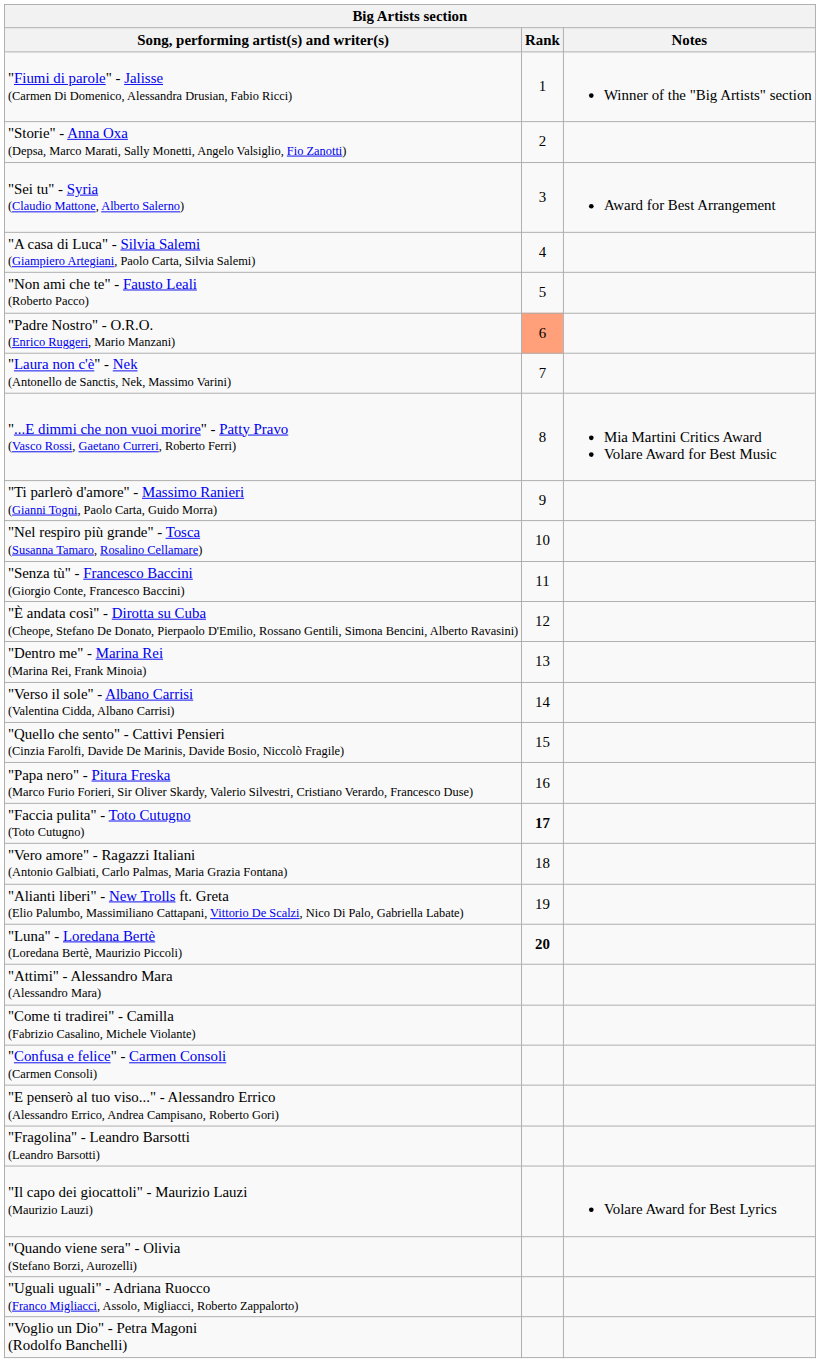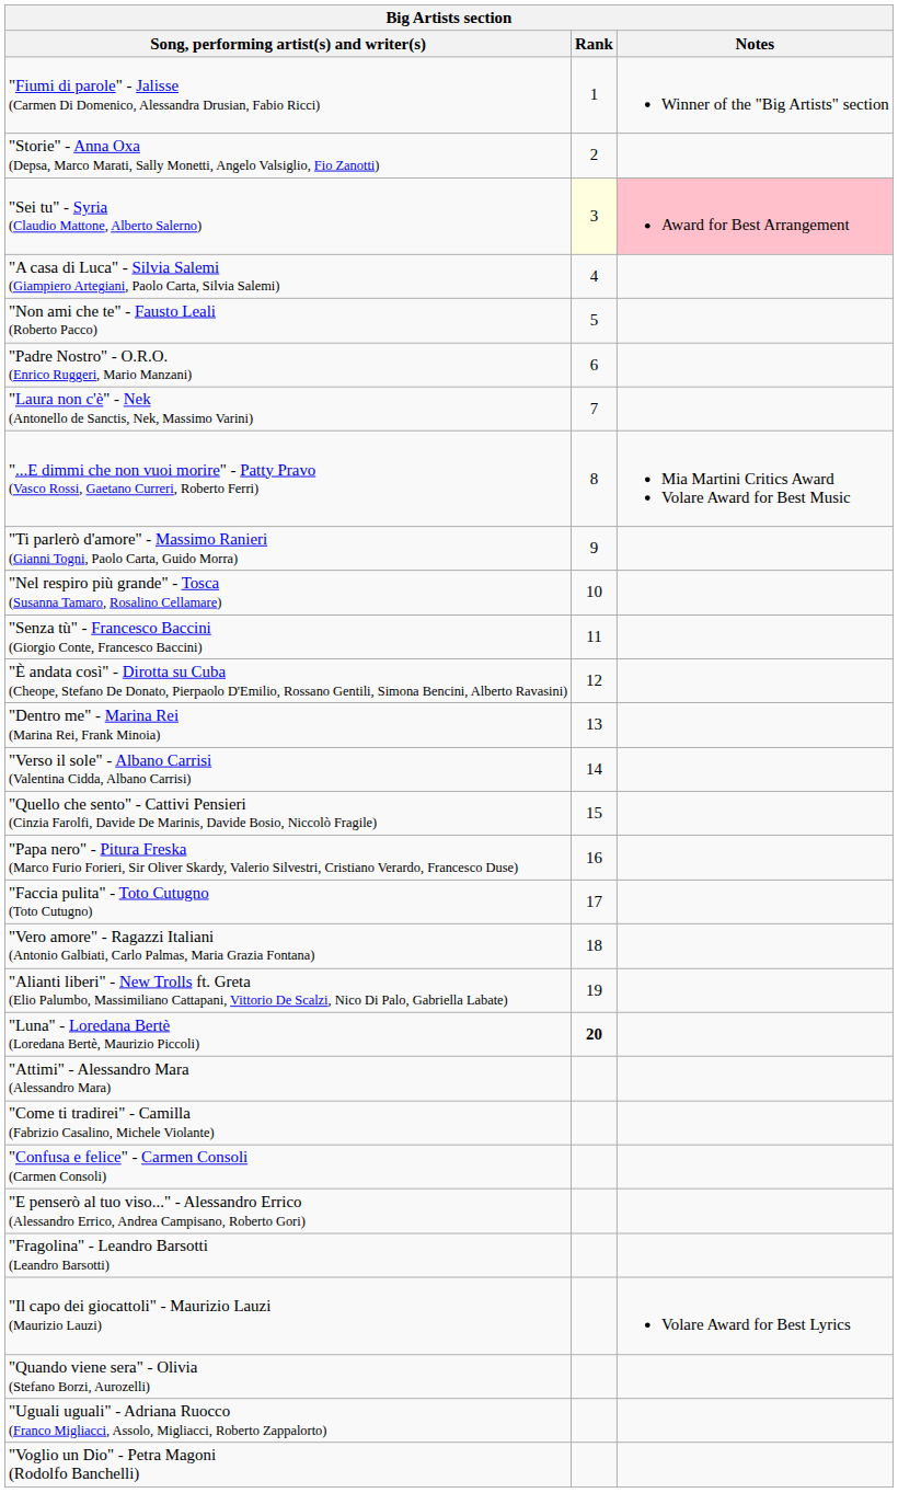 <table class="plainrowheaders wikitable">
 <tr>
 <th colspan="3">Big Artists section</th>
 </tr>
 <tr>
 <th>Song, performing artist(s) and writer(s)</th>
 <th>Rank</th>
 <th>Notes</th>
 </tr>
 <tr>
 <td>"<a href='#'>Fiumi di parole</a>" - <a href='#'>Jalisse</a><br><small>(Carmen Di Domenico, Alessandra Drusian, Fabio Ricci)</small></td>
 <td style="text-align:center;">1</td>
 <td><br><ul><li>Winner of the "Big Artists" section</li></ul></td>
 </tr>
 <tr>
 <td>"Storie" -  <a href='#'>Anna Oxa</a><br><small>(Depsa, Marco Marati, Sally Monetti, Angelo Valsiglio, <a href='#'>Fio Zanotti</a>)</small></td>
 <td style="text-align:center;">2</td>
 <td></td>
 </tr>
 <tr>
 <td>"Sei tu" -  <a href='#'>Syria</a><br><small>(<a href='#'>Claudio Mattone</a>, <a href='#'>Alberto Salerno</a>)</small></td>
-<td style="text-align:center;">3</td>
-<td><br><ul><li>Award for Best Arrangement</li></ul></td>
+<td style="background: lightyellow; text-align:center;">3</td>
+<td style="background: pink;"><br><ul><li>Award for Best Arrangement</li></ul></td>
 </tr>
 <tr>
 <td>"A casa di Luca" -  <a href='#'>Silvia Salemi</a><br> <small>(<a href='#'>Giampiero Artegiani</a>, Paolo Carta, Silvia Salemi)</small></td>
 <td style="text-align:center;">4</td>
 <td></td>
 </tr>
 <tr>
 <td>"Non ami che te" - <a href='#'>Fausto Leali</a><br> <small>(Roberto Pacco)</small></td>
 <td style="text-align:center;">5</td>
 <td></td>
 </tr>
 <tr>
 <td>"Padre Nostro" - O.R.O.<br><small>(<a href='#'>Enrico Ruggeri</a>, Mario Manzani)</small></td>
-<td style="background: lightsalmon; text-align:center;">6</td>
+<td style="text-align:center;">6</td>
 <td></td>
 </tr>
 <tr>
 <td>"<a href='#'>Laura non c'è</a>" -  <a href='#'>Nek</a><br> <small>(Antonello de Sanctis, Nek, Massimo Varini)</small></td>
 <td style="text-align:center;">7</td>
 <td></td>
 </tr>
 <tr>
 <td>"<a href='#'>...E dimmi che non vuoi morire</a>" - <a href='#'>Patty Pravo</a><br><small>(<a href='#'>Vasco Rossi</a>, <a href='#'>Gaetano Curreri</a>,  Roberto Ferri)</small></td>
 <td style="text-align:center;">8</td>
 <td><br><ul><li>Mia Martini Critics Award</li><li>Volare Award for Best Music</li></ul></td>
 </tr>
 <tr>
 <td>"Ti parlerò d'amore" - <a href='#'>Massimo Ranieri</a><br><small>(<a href='#'>Gianni Togni</a>, Paolo Carta, Guido Morra)</small></td>
 <td style="text-align:center;">9</td>
 <td></td>
 </tr>
 <tr>
 <td>"Nel respiro più grande" - <a href='#'>Tosca</a><br><small>(<a href='#'>Susanna Tamaro</a>, <a href='#'>Rosalino Cellamare</a>)</small></td>
 <td style="text-align:center;">10</td>
 <td></td>
 </tr>
 <tr>
 <td>"Senza tù" -  <a href='#'>Francesco Baccini</a><br> <small>(Giorgio Conte, Francesco Baccini)</small></td>
 <td style="text-align:center;">11</td>
 <td></td>
 </tr>
 <tr>
 <td>"È andata così" - <a href='#'>Dirotta su Cuba</a><br> <small>(Cheope, Stefano De Donato, Pierpaolo D'Emilio, Rossano Gentili, Simona Bencini, Alberto Ravasini)</small></td>
 <td style="text-align:center;">12</td>
 <td></td>
 </tr>
 <tr>
 <td>"Dentro me" - <a href='#'>Marina Rei</a><br><small>(Marina Rei, Frank Minoia)</small></td>
 <td style="text-align:center;">13</td>
 <td></td>
 </tr>
 <tr>
 <td>"Verso il sole" - <a href='#'>Albano Carrisi</a><br><small>(Valentina Cidda, Albano Carrisi)</small></td>
 <td style="text-align:center;">14</td>
 <td></td>
 </tr>
 <tr>
 <td>"Quello che sento" -  Cattivi Pensieri <br><small>(Cinzia Farolfi, Davide De Marinis, Davide Bosio, Niccolò Fragile)</small></td>
 <td style="text-align:center;">15</td>
 <td></td>
 </tr>
 <tr>
 <td>"Papa nero" -  <a href='#'>Pitura Freska</a><br><small>(Marco Furio Forieri, Sir Oliver Skardy, Valerio Silvestri, Cristiano Verardo, Francesco Duse)</small></td>
 <td style="text-align:center;">16</td>
 <td></td>
 </tr>
 <tr>
 <td>"Faccia pulita" - <a href='#'>Toto Cutugno</a><br> <small>(Toto Cutugno)</small></td>
-<td style="text-align:center;"><strong>17</strong></td>
+<td style="text-align:center;">17</td>
 <td></td>
 </tr>
 <tr>
 <td>"Vero amore" -  Ragazzi Italiani <br><small>(Antonio Galbiati, Carlo Palmas,  Maria Grazia Fontana)</small></td>
 <td style="text-align:center;">18</td>
 <td></td>
 </tr>
 <tr>
 <td>"Alianti liberi" - <a href='#'>New Trolls</a> ft. Greta<br><small>(Elio Palumbo, Massimiliano Cattapani, <a href='#'>Vittorio De Scalzi</a>, Nico Di Palo, Gabriella Labate)</small></td>
 <td style="text-align:center;">19</td>
 <td></td>
 </tr>
 <tr>
 <td>"Luna" - <a href='#'>Loredana Bertè</a><br><small>(Loredana Bertè, Maurizio Piccoli)</small></td>
 <td style="text-align:center;"><strong>20</strong></td>
 <td></td>
 </tr>
 <tr>
 <td>"Attimi" -  Alessandro Mara <br><small>(Alessandro Mara)</small></td>
 <td></td>
 <td></td>
 </tr>
 <tr>
 <td>"Come ti tradirei" -  Camilla <br><small>(Fabrizio Casalino, Michele Violante)</small></td>
 <td></td>
 <td></td>
 </tr>
 <tr>
 <td>"<a href='#'>Confusa e felice</a>" - <a href='#'>Carmen Consoli</a><br><small>(Carmen Consoli)</small></td>
 <td></td>
 <td></td>
 </tr>
 <tr>
 <td>"E penserò al tuo viso..." - Alessandro Errico <br> <small>(Alessandro Errico, Andrea Campisano, Roberto Gori)</small></td>
 <td></td>
 <td></td>
 </tr>
 <tr>
 <td>"Fragolina" - Leandro Barsotti<br> <small>(Leandro Barsotti)</small></td>
 <td></td>
 <td></td>
 </tr>
 <tr>
 <td>"Il capo dei giocattoli" - Maurizio Lauzi<br><small>(Maurizio Lauzi)</small></td>
 <td></td>
 <td><br><ul><li>Volare Award for Best Lyrics</li></ul></td>
 </tr>
 <tr>
 <td>"Quando viene sera" -  Olivia <br> <small>(Stefano Borzi, Aurozelli)</small></td>
 <td></td>
 <td></td>
 </tr>
 <tr>
 <td>"Uguali uguali" - Adriana Ruocco <br> <small>(<a href='#'>Franco Migliacci</a>, Assolo, Migliacci, Roberto Zappalorto)</small></td>
 <td></td>
 <td></td>
 </tr>
 <tr>
 <td>"Voglio un Dio" - Petra Magoni <br>(Rodolfo Banchelli)</td>
 <td></td>
 <td></td>
 </tr>
 </table>
